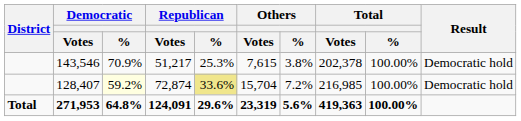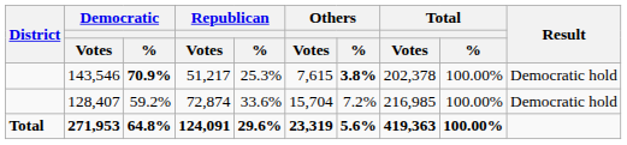 <table class="wikitable plainrowheaders sortable" style="font-size:100%; text-align:right;">
 <tr>
 <th scope=col rowspan=3><a href='#'>District</a></th>
 <th scope=col colspan=2><a href='#'>Democratic</a></th>
 <th scope=col colspan=2><a href='#'>Republican</a></th>
 <th scope=col colspan=2>Others</th>
 <th scope=col colspan=2>Total</th>
 <th scope=col rowspan=3>Result</th>
 </tr>
 <tr>
 <th scope=col colspan=2 style="background:"></th>
 <th scope=col colspan=2 style="background:"></th>
 <th scope=col colspan=2></th>
 <th scope=col colspan=2></th>
 </tr>
 <tr>
 <th scope=col data-sort-type="number">Votes</th>
 <th scope=col data-sort-type="number">%</th>
 <th scope=col data-sort-type="number">Votes</th>
 <th scope=col data-sort-type="number">%</th>
 <th scope=col data-sort-type="number">Votes</th>
 <th scope=col data-sort-type="number">%</th>
 <th scope=col data-sort-type="number">Votes</th>
 <th scope=col data-sort-type="number">%</th>
 </tr>
 <tr>
 <td align=left></td>
 <td>143,546</td>
-<td>70.9%</td>
+<td><strong>70.9%</strong></td>
 <td>51,217</td>
 <td>25.3%</td>
 <td>7,615</td>
-<td>3.8%</td>
+<td><strong>3.8%</strong></td>
 <td>202,378</td>
 <td>100.00%</td>
 <td align=left>Democratic hold</td>
 </tr>
 <tr>
 <td align=left></td>
 <td>128,407</td>
-<td style="background: lightyellow;">59.2%</td>
+<td>59.2%</td>
 <td>72,874</td>
-<td style="background: khaki;">33.6%</td>
+<td>33.6%</td>
 <td>15,704</td>
 <td>7.2%</td>
 <td>216,985</td>
 <td>100.00%</td>
 <td align=left>Democratic hold</td>
 </tr>
 <tr class="sortbottom" style="font-weight:bold">
 <td align=left>Total</td>
 <td>271,953</td>
 <td>64.8%</td>
 <td>124,091</td>
 <td>29.6%</td>
 <td>23,319</td>
 <td>5.6%</td>
 <td>419,363</td>
 <td>100.00%</td>
 <td></td>
 </tr>
 </table>
